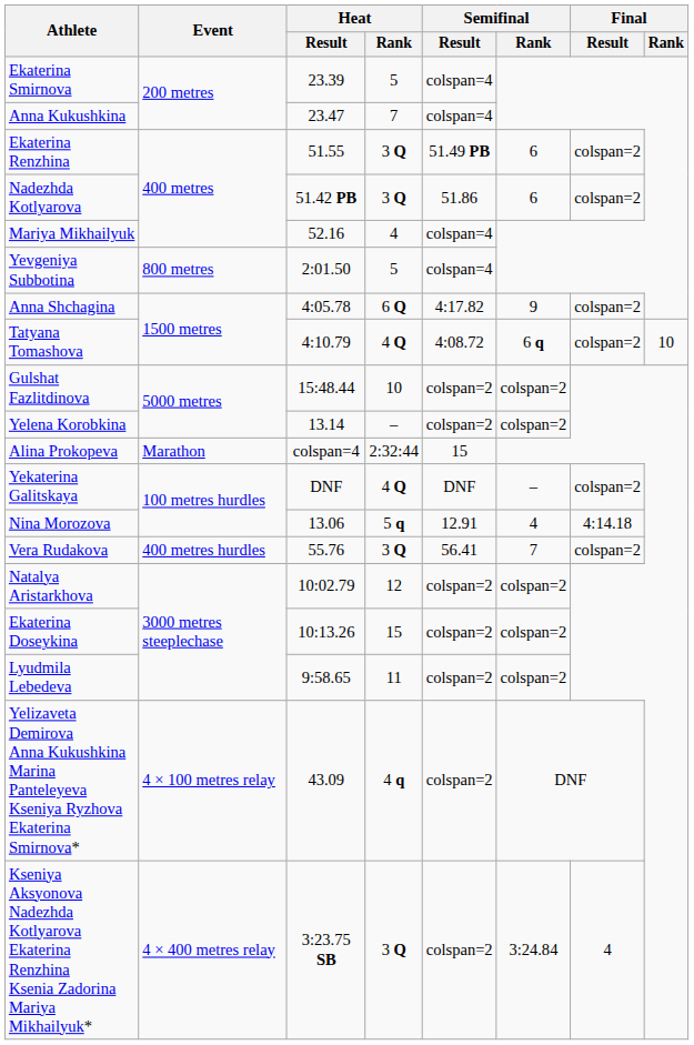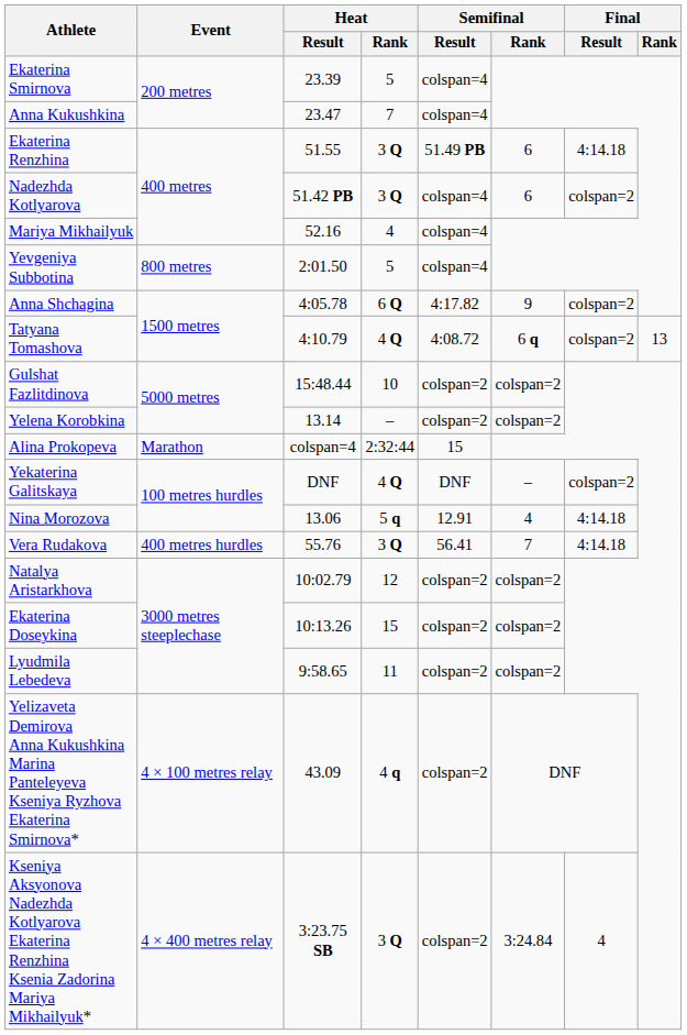 <table class="wikitable" style="font-size:90%">
 <tr>
 <th rowspan="2">Athlete</th>
 <th rowspan="2">Event</th>
 <th colspan="2">Heat</th>
 <th colspan="2">Semifinal</th>
 <th colspan="2">Final</th>
 </tr>
 <tr style="font-size:95%">
 <th>Result</th>
 <th>Rank</th>
 <th>Result</th>
 <th>Rank</th>
 <th>Result</th>
 <th>Rank</th>
 </tr>
 <tr style=text-align:center>
 <td style=text-align:left><a href='#'>Ekaterina Smirnova</a></td>
 <td style=text-align:left rowspan=2><a href='#'>200 metres</a></td>
 <td>23.39</td>
 <td>5</td>
 <td>colspan=4 </td>
 </tr>
 <tr style=text-align:center>
 <td style=text-align:left><a href='#'>Anna Kukushkina</a></td>
 <td>23.47</td>
 <td>7</td>
 <td>colspan=4 </td>
 </tr>
 <tr style=text-align:center>
 <td style=text-align:left><a href='#'>Ekaterina Renzhina</a></td>
 <td style=text-align:left rowspan=3><a href='#'>400 metres</a></td>
 <td>51.55</td>
 <td>3 <strong>Q</strong></td>
 <td>51.49 <strong>PB</strong></td>
 <td>6</td>
-<td>colspan=2 </td>
+<td>4:14.18</td>
 </tr>
 <tr style=text-align:center>
 <td style=text-align:left><a href='#'>Nadezhda Kotlyarova</a></td>
 <td>51.42 <strong>PB</strong></td>
 <td>3 <strong>Q</strong></td>
-<td>51.86</td>
+<td>colspan=4 </td>
 <td>6</td>
 <td>colspan=2 </td>
 </tr>
 <tr style=text-align:center>
 <td style=text-align:left><a href='#'>Mariya Mikhailyuk</a></td>
 <td>52.16</td>
 <td>4</td>
 <td>colspan=4 </td>
 </tr>
 <tr style=text-align:center>
 <td style=text-align:left><a href='#'>Yevgeniya Subbotina</a></td>
 <td style=text-align:left><a href='#'>800 metres</a></td>
 <td>2:01.50</td>
 <td>5</td>
 <td>colspan=4 </td>
 </tr>
 <tr style=text-align:center>
 <td style=text-align:left><a href='#'>Anna Shchagina</a></td>
 <td style=text-align:left rowspan=2><a href='#'>1500 metres</a></td>
 <td>4:05.78</td>
 <td>6 <strong>Q</strong></td>
 <td>4:17.82</td>
 <td>9</td>
 <td>colspan=2 </td>
 </tr>
 <tr style=text-align:center>
 <td style=text-align:left><a href='#'>Tatyana Tomashova</a></td>
 <td>4:10.79</td>
 <td>4 <strong>Q</strong></td>
 <td>4:08.72</td>
 <td>6 <strong>q</strong></td>
 <td>colspan=2 </td>
-<td>10</td>
+<td>13</td>
 </tr>
 <tr style=text-align:center>
 <td style=text-align:left><a href='#'>Gulshat Fazlitdinova</a></td>
 <td style=text-align:left rowspan=2><a href='#'>5000 metres</a></td>
 <td>15:48.44</td>
 <td>10</td>
 <td>colspan=2 </td>
 <td>colspan=2 </td>
 </tr>
 <tr style=text-align:center>
 <td style=text-align:left><a href='#'>Yelena Korobkina</a></td>
 <td>13.14</td>
 <td>–</td>
 <td>colspan=2 </td>
 <td>colspan=2 </td>
 </tr>
 <tr style=text-align:center>
 <td style=text-align:left><a href='#'>Alina Prokopeva</a></td>
 <td style=text-align:left><a href='#'>Marathon</a></td>
 <td>colspan=4 </td>
 <td>2:32:44</td>
 <td>15</td>
 </tr>
 <tr style=text-align:center>
 <td style=text-align:left><a href='#'>Yekaterina Galitskaya</a></td>
 <td style=text-align:left rowspan=2><a href='#'>100 metres hurdles</a></td>
 <td>DNF</td>
 <td>4 <strong>Q</strong></td>
 <td>DNF</td>
 <td>–</td>
 <td>colspan=2 </td>
 </tr>
 <tr style=text-align:center>
 <td style=text-align:left><a href='#'>Nina Morozova</a></td>
 <td>13.06</td>
 <td>5 <strong>q</strong></td>
 <td>12.91</td>
 <td>4</td>
 <td>4:14.18</td>
 </tr>
 <tr style=text-align:center>
 <td style=text-align:left><a href='#'>Vera Rudakova</a></td>
 <td style=text-align:left><a href='#'>400 metres hurdles</a></td>
 <td>55.76</td>
 <td>3 <strong>Q</strong></td>
 <td>56.41</td>
 <td>7</td>
-<td>colspan=2 </td>
+<td>4:14.18</td>
 </tr>
 <tr style=text-align:center>
 <td style=text-align:left><a href='#'>Natalya Aristarkhova</a></td>
 <td style=text-align:left rowspan=3><a href='#'>3000 metres steeplechase</a></td>
 <td>10:02.79</td>
 <td>12</td>
 <td>colspan=2 </td>
 <td>colspan=2 </td>
 </tr>
 <tr style=text-align:center>
 <td style=text-align:left><a href='#'>Ekaterina Doseykina</a></td>
 <td>10:13.26</td>
 <td>15</td>
 <td>colspan=2 </td>
 <td>colspan=2 </td>
 </tr>
 <tr style=text-align:center>
 <td style=text-align:left><a href='#'>Lyudmila Lebedeva</a></td>
 <td>9:58.65</td>
 <td>11</td>
 <td>colspan=2 </td>
 <td>colspan=2 </td>
 </tr>
 <tr style=text-align:center>
 <td style=text-align:left><a href='#'>Yelizaveta Demirova</a><br><a href='#'>Anna Kukushkina</a><br><a href='#'>Marina Panteleyeva</a><br><a href='#'>Kseniya Ryzhova</a><br><a href='#'>Ekaterina Smirnova</a>*</td>
 <td style=text-align:left><a href='#'>4 × 100 metres relay</a></td>
 <td>43.09</td>
 <td>4 <strong>q</strong></td>
 <td>colspan=2 </td>
 <td colspan=2>DNF</td>
 </tr>
 <tr style=text-align:center>
 <td style=text-align:left><a href='#'>Kseniya Aksyonova</a><br><a href='#'>Nadezhda Kotlyarova</a><br><a href='#'>Ekaterina Renzhina</a><br><a href='#'>Ksenia Zadorina</a><br><a href='#'>Mariya Mikhailyuk</a>*</td>
 <td style=text-align:left><a href='#'>4 × 400 metres relay</a></td>
 <td>3:23.75 <strong>SB</strong></td>
 <td>3 <strong>Q</strong></td>
 <td>colspan=2 </td>
 <td>3:24.84</td>
 <td>4</td>
 </tr>
 </table>
